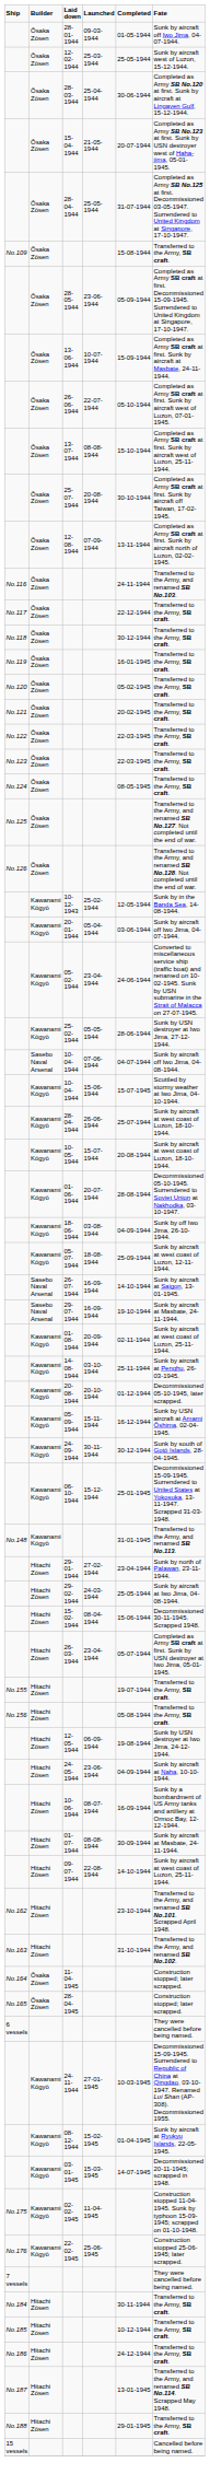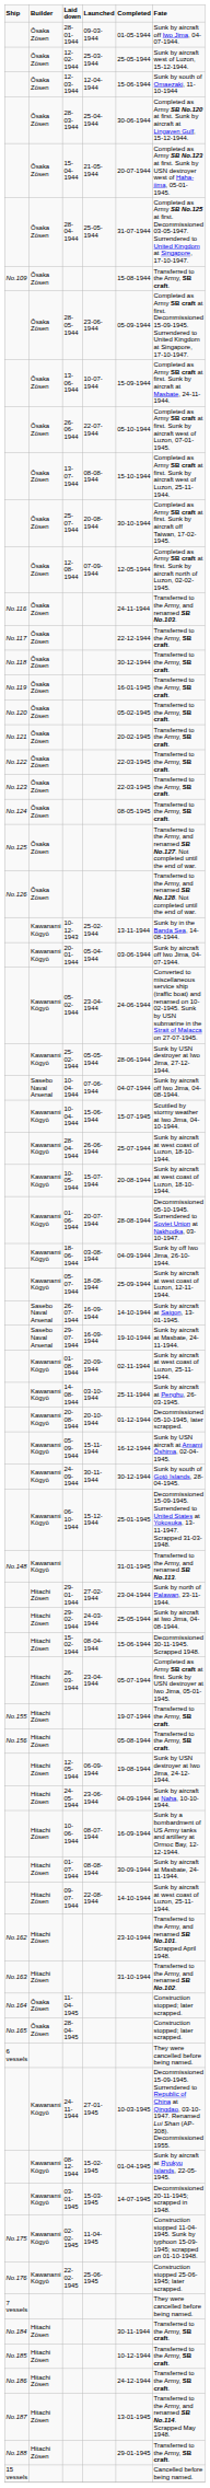 <table class="wikitable" width="75%">
 <tr>
 <td width="4%"><strong>Ship</strong></td>
 <td width="8%"><strong>Builder</strong></td>
 <td width="5%" bgcolor=><strong>Laid down</strong></td>
 <td width="5%" bgcolor=><strong>Launched</strong></td>
 <td width="5%" bgcolor=><strong>Completed</strong></td>
 <td width="30%" bgcolor=><strong>Fate</strong></td>
 </tr>
 <tr>
 <td></td>
 <td>Ōsaka Zōsen</td>
 <td>28-01-1944</td>
 <td>09-03-1944</td>
 <td>01-05-1944</td>
 <td>Sunk by aircraft off <a href='#'>Iwo Jima</a>, 04-07-1944.</td>
 </tr>
 <tr>
 <td></td>
 <td>Ōsaka Zōsen</td>
 <td>12-02-1944</td>
 <td>25-03-1944</td>
 <td>25-05-1944</td>
 <td>Sunk by aircraft west of Luzon, 15-12-1944.</td>
+</tr>
+<tr>
+<td></td>
+<td>Ōsaka Zōsen</td>
+<td>12-03-1944</td>
+<td>12-04-1944</td>
+<td>15-06-1944</td>
+<td>Sunk by  south of <a href='#'>Omaezaki</a>, 11-10-1944</td>
 </tr>
 <tr>
 <td></td>
 <td>Ōsaka Zōsen</td>
 <td>28-03-1944</td>
 <td>25-04-1944</td>
 <td>30-06-1944</td>
 <td>Completed as Army <strong><em>SB No.120</em></strong> at first. Sunk by aircraft at <a href='#'>Lingayen Gulf</a>, 15-12-1944.</td>
 </tr>
 <tr>
 <td></td>
 <td>Ōsaka Zōsen</td>
 <td>15-04-1944</td>
 <td>21-05-1944</td>
 <td>20-07-1944</td>
 <td>Completed as Army <strong><em>SB No.123</em></strong> at first. Sunk by USN destroyer west of <a href='#'>Haha-jima</a>, 05-01-1945.</td>
 </tr>
 <tr>
 <td></td>
 <td>Ōsaka Zōsen</td>
 <td>28-04-1944</td>
 <td>25-05-1944</td>
 <td>31-07-1944</td>
 <td>Completed as Army <strong><em>SB No.125</em></strong> at first. Decommissioned 03-05-1947. Surrendered to <a href='#'>United Kingdom</a> at <a href='#'>Singapore</a>, 17-10-1947.</td>
 </tr>
 <tr>
 <td><em>No.109</em></td>
 <td>Ōsaka Zōsen</td>
 <td></td>
 <td></td>
 <td>15-08-1944</td>
 <td>Transferred to the Army, <strong>SB craft</strong>.</td>
 </tr>
 <tr>
 <td></td>
 <td>Ōsaka Zōsen</td>
 <td>28-05-1944</td>
 <td>23-06-1944</td>
 <td>05-09-1944</td>
 <td>Completed as Army <strong>SB craft</strong> at first. Decommissioned 15-09-1945. Surrendered to United Kingdom at Singapore, 17-10-1947.</td>
 </tr>
 <tr>
 <td></td>
 <td>Ōsaka Zōsen</td>
 <td>13-06-1944</td>
 <td>10-07-1944</td>
 <td>15-09-1944</td>
 <td>Completed as Army <strong>SB craft</strong> at first. Sunk by aircraft at <a href='#'>Masbate</a>, 24-11-1944.</td>
 </tr>
 <tr>
 <td></td>
 <td>Ōsaka Zōsen</td>
 <td>26-06-1944</td>
 <td>22-07-1944</td>
 <td>05-10-1944</td>
 <td>Completed as Army <strong>SB craft</strong> at first. Sunk by aircraft west of Luzon, 07-01-1945.</td>
 </tr>
 <tr>
 <td></td>
 <td>Ōsaka Zōsen</td>
 <td>13-07-1944</td>
 <td>08-08-1944</td>
 <td>15-10-1944</td>
 <td>Completed as Army <strong>SB craft</strong> at first. Sunk by aircraft west of Luzon, 25-11-1944.</td>
 </tr>
 <tr>
 <td></td>
 <td>Ōsaka Zōsen</td>
 <td>25-07-1944</td>
 <td>20-08-1944</td>
 <td>30-10-1944</td>
 <td>Completed as Army <strong>SB craft</strong> at first. Sunk by aircraft off Taiwan, 17-02-1945.</td>
 </tr>
 <tr>
 <td></td>
 <td>Ōsaka Zōsen</td>
 <td>12-08-1944</td>
 <td>07-09-1944</td>
-<td>13-11-1944</td>
+<td>12-05-1944</td>
 <td>Completed as Army <strong>SB craft</strong> at first. Sunk by aircraft north of Luzon, 02-02-1945.</td>
 </tr>
 <tr>
 <td><em>No.116</em></td>
 <td>Ōsaka Zōsen</td>
 <td></td>
 <td></td>
 <td>24-11-1944</td>
 <td>Transferred to the Army, and renamed <strong><em>SB No.103</em></strong>.</td>
 </tr>
 <tr>
 <td><em>No.117</em></td>
 <td>Ōsaka Zōsen</td>
 <td></td>
 <td></td>
 <td>22-12-1944</td>
 <td>Transferred to the Army, <strong>SB craft</strong>.</td>
 </tr>
 <tr>
 <td><em>No.118</em></td>
 <td>Ōsaka Zōsen</td>
 <td></td>
 <td></td>
 <td>30-12-1944</td>
 <td>Transferred to the Army, <strong>SB craft</strong>.</td>
 </tr>
 <tr>
 <td><em>No.119</em></td>
 <td>Ōsaka Zōsen</td>
 <td></td>
 <td></td>
 <td>16-01-1945</td>
 <td>Transferred to the Army, <strong>SB craft</strong>.</td>
 </tr>
 <tr>
 <td><em>No.120</em></td>
 <td>Ōsaka Zōsen</td>
 <td></td>
 <td></td>
 <td>05-02-1945</td>
 <td>Transferred to the Army, <strong>SB craft</strong>.</td>
 </tr>
 <tr>
 <td><em>No.121</em></td>
 <td>Ōsaka Zōsen</td>
 <td></td>
 <td></td>
 <td>20-02-1945</td>
 <td>Transferred to the Army, <strong>SB craft</strong>.</td>
 </tr>
 <tr>
 <td><em>No.122</em></td>
 <td>Ōsaka Zōsen</td>
 <td></td>
 <td></td>
 <td>22-03-1945</td>
 <td>Transferred to the Army, <strong>SB craft</strong>.</td>
 </tr>
 <tr>
 <td><em>No.123</em></td>
 <td>Ōsaka Zōsen</td>
 <td></td>
 <td></td>
 <td>22-03-1945</td>
 <td>Transferred to the Army, <strong>SB craft</strong>.</td>
 </tr>
 <tr>
 <td><em>No.124</em></td>
 <td>Ōsaka Zōsen</td>
 <td></td>
 <td></td>
 <td>08-05-1945</td>
 <td>Transferred to the Army, <strong>SB craft</strong>.</td>
 </tr>
 <tr>
 <td><em>No.125</em></td>
 <td>Ōsaka Zōsen</td>
 <td></td>
 <td></td>
 <td></td>
 <td>Transferred to the Army, and renamed <strong><em>SB No.127</em></strong>. Not completed until the end of war.</td>
 </tr>
 <tr>
 <td><em>No.126</em></td>
 <td>Ōsaka Zōsen</td>
 <td></td>
 <td></td>
 <td></td>
 <td>Transferred to the Army, and renamed <strong><em>SB No.128</em></strong>. Not completed until the end of war.</td>
 </tr>
 <tr>
 <td></td>
 <td>Kawanami Kōgyō</td>
 <td>10-12-1943</td>
 <td>25-02-1944</td>
-<td>12-05-1944</td>
+<td>13-11-1944</td>
 <td>Sunk by  in the <a href='#'>Banda Sea</a>, 14-08-1944.</td>
 </tr>
 <tr>
 <td></td>
 <td>Kawanami Kōgyō</td>
 <td>20-01-1944</td>
 <td>05-04-1944</td>
 <td>03-06-1944</td>
 <td>Sunk by aircraft off Iwo Jima, 04-07-1944.</td>
 </tr>
 <tr>
 <td></td>
 <td>Kawanami Kōgyō</td>
 <td>05-02-1944</td>
 <td>23-04-1944</td>
 <td>24-06-1944</td>
 <td>Converted to miscellaneous service ship (traffic boat) and renamed  on 10-02-1945. Sunk by USN submarine in the <a href='#'>Strait of Malacca</a> on 27-07-1945.</td>
 </tr>
 <tr>
 <td></td>
 <td>Kawanami Kōgyō</td>
 <td>25-02-1944</td>
 <td>05-05-1944</td>
 <td>28-06-1944</td>
 <td>Sunk by USN destroyer at Iwo Jima, 27-12-1944.</td>
 </tr>
 <tr>
 <td></td>
 <td>Sasebo Naval Arsenal</td>
 <td>10-04-1944</td>
 <td>07-06-1944</td>
 <td>04-07-1944</td>
 <td>Sunk by aircraft off Iwo Jima, 04-08-1944.</td>
 </tr>
 <tr>
 <td></td>
 <td>Kawanami Kōgyō</td>
 <td>10-04-1944</td>
 <td>15-06-1944</td>
 <td>15-07-1945</td>
 <td>Scuttled by stormy weather at Iwo Jima, 04-10-1944.</td>
 </tr>
 <tr>
 <td></td>
 <td>Kawanami Kōgyō</td>
 <td>28-04-1944</td>
 <td>26-06-1944</td>
 <td>25-07-1944</td>
 <td>Sunk by aircraft at west coast of Luzon, 18-10-1944.</td>
 </tr>
 <tr>
 <td></td>
 <td>Kawanami Kōgyō</td>
 <td>10-05-1944</td>
 <td>15-07-1944</td>
 <td>20-08-1944</td>
 <td>Sunk by aircraft at west coast of Luzon, 18-10-1944.</td>
 </tr>
 <tr>
 <td></td>
 <td>Kawanami Kōgyō</td>
 <td>01-06-1944</td>
 <td>20-07-1944</td>
 <td>28-08-1944</td>
 <td>Decommissioned 05-10-1945. Surrendered to <a href='#'>Soviet Union</a> at <a href='#'>Nakhodka</a>, 03-10-1947.</td>
 </tr>
 <tr>
 <td></td>
 <td>Kawanami Kōgyō</td>
 <td>18-06-1944</td>
 <td>03-08-1944</td>
 <td>04-09-1944</td>
 <td>Sunk by  off Iwo Jima, 26-10-1944.</td>
 </tr>
 <tr>
 <td></td>
 <td>Kawanami Kōgyō</td>
 <td>05-07-1944</td>
 <td>18-08-1944</td>
 <td>25-09-1944</td>
 <td>Sunk by aircraft at west coast of Luzon, 12-11-1944.</td>
 </tr>
 <tr>
 <td></td>
 <td>Sasebo Naval Arsenal</td>
 <td>26-07-1944</td>
 <td>16-09-1944</td>
 <td>14-10-1944</td>
 <td>Sunk by aircraft at <a href='#'>Saigon</a>, 13-01-1945.</td>
 </tr>
 <tr>
 <td></td>
 <td>Sasebo Naval Arsenal</td>
 <td>29-07-1944</td>
 <td>16-09-1944</td>
 <td>19-10-1944</td>
 <td>Sunk by aircraft at Masbate, 24-11-1944.</td>
 </tr>
 <tr>
 <td></td>
 <td>Kawanami Kōgyō</td>
 <td>01-08-1944</td>
 <td>20-09-1944</td>
 <td>02-11-1944</td>
 <td>Sunk by aircraft at west coast of Luzon, 25-11-1944.</td>
 </tr>
 <tr>
 <td></td>
 <td>Kawanami Kōgyō</td>
 <td>14-08-1944</td>
 <td>03-10-1944</td>
 <td>25-11-1944</td>
 <td>Sunk by aircraft at <a href='#'>Penghu</a>, 26-03-1945.</td>
 </tr>
 <tr>
 <td></td>
 <td>Kawanami Kōgyō</td>
 <td>20-08-1944</td>
 <td>20-10-1944</td>
 <td>01-12-1944</td>
 <td>Decommissioned 05-10-1945, later scrapped.</td>
 </tr>
 <tr>
 <td></td>
 <td>Kawanami Kōgyō</td>
 <td>05-09-1944</td>
 <td>15-11-1944</td>
 <td>16-12-1944</td>
 <td>Sunk by USN aircraft at <a href='#'>Amami Ōshima</a>, 02-04-1945.</td>
 </tr>
 <tr>
 <td></td>
 <td>Kawanami Kōgyō</td>
 <td>24-09-1944</td>
 <td>30-11-1944</td>
 <td>30-12-1944</td>
 <td>Sunk by  south of <a href='#'>Gotō Islands</a>, 28-04-1945.</td>
 </tr>
 <tr>
 <td></td>
 <td>Kawanami Kōgyō</td>
 <td>06-10-1944</td>
 <td>15-12-1944</td>
 <td>25-01-1945</td>
 <td>Decommissioned 15-09-1945. Surrendered to <a href='#'>United States</a> at <a href='#'>Yokosuka</a>, 13-11-1947. Scrapped 31-03-1948.</td>
 </tr>
 <tr>
 <td><em>No.148</em></td>
 <td>Kawanami Kōgyō</td>
 <td></td>
 <td></td>
 <td>31-01-1945</td>
 <td>Transferred to the Army, and renamed <strong><em>SB No.113</em></strong>.</td>
 </tr>
 <tr>
 <td></td>
 <td>Hitachi Zōsen</td>
 <td>29-01-1944</td>
 <td>27-02-1944</td>
 <td>23-04-1944</td>
 <td>Sunk by  north of <a href='#'>Palawan</a>, 23-11-1944.</td>
 </tr>
 <tr>
 <td></td>
 <td>Hitachi Zōsen</td>
 <td>29-02-1944</td>
 <td>24-03-1944</td>
 <td>25-05-1944</td>
 <td>Sunk by aircraft at Iwo Jima, 04-08-1944.</td>
 </tr>
 <tr>
 <td></td>
 <td>Hitachi Zōsen</td>
 <td>15-02-1944</td>
 <td>08-04-1944</td>
 <td>15-06-1944</td>
 <td>Decommissioned 30-11-1945. Scrapped 1948.</td>
 </tr>
 <tr>
 <td></td>
 <td>Hitachi Zōsen</td>
 <td>26-03-1944</td>
 <td>23-04-1944</td>
 <td>05-07-1944</td>
 <td>Completed as Army <strong>SB craft</strong> at first. Sunk by USN destroyer at Iwo Jima, 05-01-1945.</td>
 </tr>
 <tr>
 <td><em>No.155</em></td>
 <td>Hitachi Zōsen</td>
 <td></td>
 <td></td>
 <td>19-07-1944</td>
 <td>Transferred to the Army, <strong>SB craft</strong>.</td>
 </tr>
 <tr>
 <td><em>No.156</em></td>
 <td>Hitachi Zōsen</td>
 <td></td>
 <td></td>
 <td>05-08-1944</td>
 <td>Transferred to the Army, <strong>SB craft</strong>.</td>
 </tr>
 <tr>
 <td></td>
 <td>Hitachi Zōsen</td>
 <td>12-05-1944</td>
 <td>06-09-1944</td>
 <td>19-08-1944</td>
 <td>Sunk by USN destroyer at Iwo Jima, 24-12-1944.</td>
 </tr>
 <tr>
 <td></td>
 <td>Hitachi Zōsen</td>
 <td>24-05-1944</td>
 <td>23-06-1944</td>
 <td>04-09-1944</td>
 <td>Sunk by aircraft at <a href='#'>Naha</a>, 10-10-1944.</td>
 </tr>
 <tr>
 <td></td>
 <td>Hitachi Zōsen</td>
 <td>10-06-1944</td>
 <td>08-07-1944</td>
 <td>16-09-1944</td>
 <td>Sunk by a bombardment of US Army tanks and artillery at Ormoc Bay, 12-12-1944.</td>
 </tr>
 <tr>
 <td></td>
 <td>Hitachi Zōsen</td>
 <td>01-07-1944</td>
 <td>08-08-1944</td>
 <td>30-09-1944</td>
 <td>Sunk by aircraft at Masbate, 24-11-1944.</td>
 </tr>
 <tr>
 <td></td>
 <td>Hitachi Zōsen</td>
 <td>09-07-1944</td>
 <td>22-08-1944</td>
 <td>14-10-1944</td>
 <td>Sunk by aircraft at west coast of Luzon, 25-11-1944.</td>
 </tr>
 <tr>
 <td><em>No.162</em></td>
 <td>Hitachi Zōsen</td>
 <td></td>
 <td></td>
 <td>23-10-1944</td>
 <td>Transferred to the Army, and renamed <strong><em>SB No.101</em></strong>. Scrapped April 1948.</td>
 </tr>
 <tr>
 <td><em>No.163</em></td>
 <td>Hitachi Zōsen</td>
 <td></td>
 <td></td>
 <td>31-10-1944</td>
 <td>Transferred to the Army, and renamed <strong><em>SB No.102</em></strong>.</td>
 </tr>
 <tr>
 <td><em>No.164</em></td>
 <td>Ōsaka Zōsen</td>
 <td>11-04-1945</td>
 <td></td>
 <td></td>
 <td>Construction stopped; later scrapped.</td>
 </tr>
 <tr>
 <td><em>No.165</em></td>
 <td>Ōsaka Zōsen</td>
 <td>28-04-1945</td>
 <td></td>
 <td></td>
 <td>Construction stopped; later scrapped.</td>
 </tr>
 <tr>
 <td>6 vessels</td>
 <td></td>
 <td></td>
 <td></td>
 <td></td>
 <td>They were cancelled before being named.</td>
 </tr>
 <tr>
 <td></td>
 <td>Kawanami Kōgyō</td>
 <td>24-11-1944</td>
 <td>27-01-1945</td>
 <td>10-03-1945</td>
 <td>Decommissioned 15-09-1945. Surrendered to <a href='#'>Republic of China</a> at <a href='#'>Qingdao</a>, 03-10-1947. Renamed <em>Lui Shan</em> (AP-308). Decommissioned 1955.</td>
 </tr>
 <tr>
 <td></td>
 <td>Kawanami Kōgyō</td>
 <td>08-12-1944</td>
 <td>15-02-1945</td>
 <td>01-04-1945</td>
 <td>Sunk by aircraft at <a href='#'>Ryukyu Islands</a>, 22-05-1945.</td>
 </tr>
 <tr>
 <td></td>
 <td>Kawanami Kōgyō</td>
 <td>03-01-1945</td>
 <td>15-03-1945</td>
 <td>14-07-1945</td>
 <td>Decommissioned 20-11-1945; scrapped in 1948.</td>
 </tr>
 <tr>
 <td><em>No.175</em></td>
 <td>Kawanami Kōgyō</td>
 <td>02-02-1945</td>
 <td>11-04-1945</td>
 <td></td>
 <td>Construction stopped 11-04-1945. Sunk by typhoon 15-09-1945; scrapped on 01-10-1948.</td>
 </tr>
 <tr>
 <td><em>No.176</em></td>
 <td>Kawanami Kōgyō</td>
 <td>22-02-1945</td>
 <td>25-06-1945</td>
 <td></td>
 <td>Construction stopped 25-06-1945; later scrapped.</td>
 </tr>
 <tr>
 <td>7 vessels</td>
 <td></td>
 <td></td>
 <td></td>
 <td></td>
 <td>They were cancelled before being named.</td>
 </tr>
 <tr>
 <td><em>No.184</em></td>
 <td>Hitachi Zōsen</td>
 <td></td>
 <td></td>
 <td>30-11-1944</td>
 <td>Transferred to the Army, <strong>SB craft</strong>.</td>
 </tr>
 <tr>
 <td><em>No.185</em></td>
 <td>Hitachi Zōsen</td>
 <td></td>
 <td></td>
 <td>10-12-1944</td>
 <td>Transferred to the Army, <strong>SB craft</strong>.</td>
 </tr>
 <tr>
 <td><em>No.186</em></td>
 <td>Hitachi Zōsen</td>
 <td></td>
 <td></td>
 <td>24-12-1944</td>
 <td>Transferred to the Army, <strong>SB craft</strong>.</td>
 </tr>
 <tr>
 <td><em>No.187</em></td>
 <td>Hitachi Zōsen</td>
 <td></td>
 <td></td>
 <td>13-01-1945</td>
 <td>Transferred to the Army, and renamed <strong><em>SB No.114</em></strong>. Scrapped May 1948.</td>
 </tr>
 <tr>
 <td><em>No.188</em></td>
 <td>Hitachi Zōsen</td>
 <td></td>
 <td></td>
 <td>29-01-1945</td>
 <td>Transferred to the Army, <strong>SB craft</strong>.</td>
 </tr>
 <tr>
 <td>15 vessels</td>
 <td></td>
 <td></td>
 <td></td>
 <td></td>
 <td>Cancelled before being named.</td>
 </tr>
 <tr>
 </tr>
 </table>
